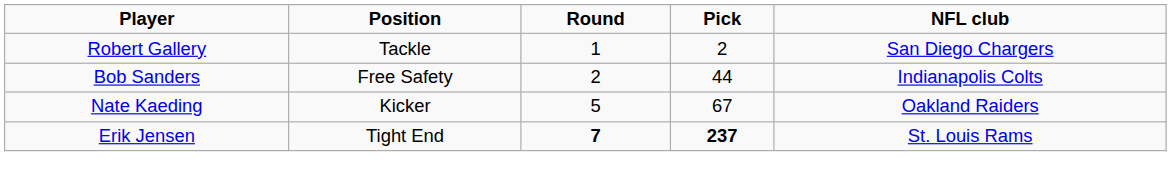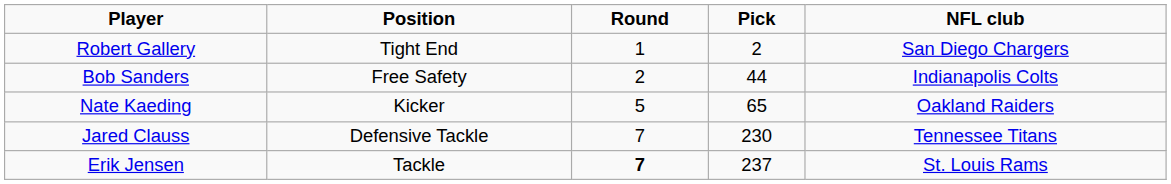 <table class="wikitable" width="80%">
 <tr align="center">
 <td><strong>Player</strong></td>
 <td><strong>Position</strong></td>
 <td><strong>Round</strong></td>
 <td><strong>Pick</strong></td>
 <td><strong>NFL club</strong></td>
 </tr>
 <tr style="text-align:center;" bgcolor="">
 <td><a href='#'>Robert Gallery</a></td>
-<td>Tackle</td>
+<td>Tight End</td>
 <td>1</td>
 <td>2</td>
 <td><a href='#'>San Diego Chargers</a></td>
 </tr>
 <tr style="text-align:center;" bgcolor="">
 <td><a href='#'>Bob Sanders</a></td>
 <td>Free Safety</td>
 <td>2</td>
 <td>44</td>
 <td><a href='#'>Indianapolis Colts</a></td>
 </tr>
 <tr style="text-align:center;" bgcolor="">
 <td><a href='#'>Nate Kaeding</a></td>
 <td>Kicker</td>
 <td>5</td>
-<td>67</td>
+<td>65</td>
 <td><a href='#'>Oakland Raiders</a></td>
 </tr>
 <tr style="text-align:center;" bgcolor="">
+<td><a href='#'>Jared Clauss</a></td>
+<td>Defensive Tackle</td>
+<td>7</td>
+<td>230</td>
+<td><a href='#'>Tennessee Titans</a></td>
+</tr>
+<tr style="text-align:center;" bgcolor="">
 <td><a href='#'>Erik Jensen</a></td>
-<td>Tight End</td>
+<td>Tackle</td>
 <td><strong>7</strong></td>
-<td><strong>237</strong></td>
+<td>237</td>
 <td><a href='#'>St. Louis Rams</a></td>
 </tr>
 </table>
